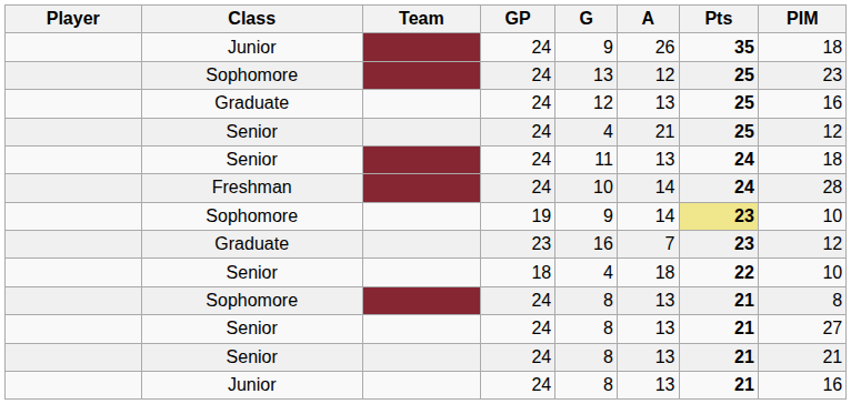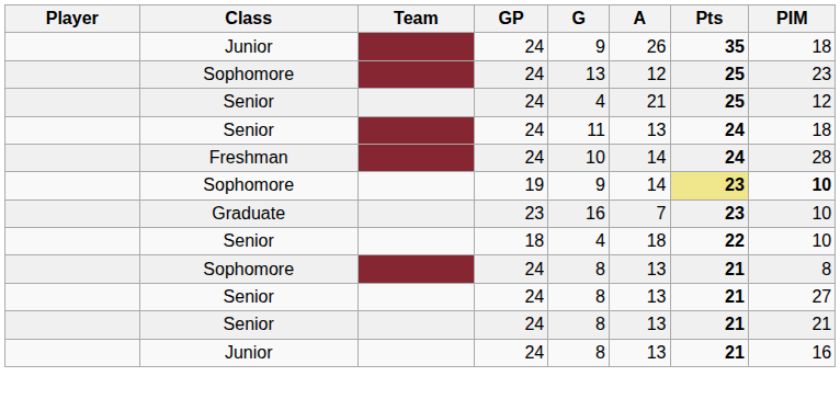 <table class="wikitable sortable" style="text-align: center; "width=60%">
 <tr>
 <th>Player</th>
 <th>Class</th>
 <th>Team</th>
 <th>GP</th>
 <th>G</th>
 <th>A</th>
 <th>Pts</th>
 <th>PIM</th>
 </tr>
 <tr>
 <td style="text-align: left"></td>
 <td>Junior</td>
 <td style="color:white; background:#862633; "><strong><a href='#'></a></strong></td>
 <td style="text-align: right">24</td>
 <td style="text-align: right">9</td>
 <td style="text-align: right">26</td>
 <td style="text-align: right"><strong>35</strong></td>
 <td style="text-align: right">18</td>
 </tr>
 <tr bgcolor=f0f0f0>
 <td style="text-align: left"></td>
 <td>Sophomore</td>
 <td style="color:white; background:#862633; "><strong><a href='#'></a></strong></td>
 <td style="text-align: right">24</td>
 <td style="text-align: right">13</td>
 <td style="text-align: right">12</td>
 <td style="text-align: right"><strong>25</strong></td>
 <td style="text-align: right">23</td>
-</tr>
-<tr>
-<td style="text-align: left"></td>
-<td>Graduate</td>
-<td><strong><a href='#'></a></strong></td>
-<td style="text-align: right">24</td>
-<td style="text-align: right">12</td>
-<td style="text-align: right">13</td>
-<td style="text-align: right"><strong>25</strong></td>
-<td style="text-align: right">16</td>
 </tr>
 <tr bgcolor=f0f0f0>
 <td style="text-align: left"></td>
 <td>Senior</td>
 <td><strong><a href='#'></a></strong></td>
 <td style="text-align: right">24</td>
 <td style="text-align: right">4</td>
 <td style="text-align: right">21</td>
 <td style="text-align: right"><strong>25</strong></td>
 <td style="text-align: right">12</td>
 </tr>
 <tr>
 <td style="text-align: left"></td>
 <td>Senior</td>
 <td style="color:white; background:#862633; "><strong><a href='#'></a></strong></td>
 <td style="text-align: right">24</td>
 <td style="text-align: right">11</td>
 <td style="text-align: right">13</td>
 <td style="text-align: right"><strong>24</strong></td>
 <td style="text-align: right">18</td>
 </tr>
 <tr bgcolor=f0f0f0>
 <td style="text-align: left"></td>
 <td>Freshman</td>
 <td style="color:white; background:#862633; "><strong><a href='#'></a></strong></td>
 <td style="text-align: right">24</td>
 <td style="text-align: right">10</td>
 <td style="text-align: right">14</td>
 <td style="text-align: right"><strong>24</strong></td>
 <td style="text-align: right">28</td>
 </tr>
 <tr>
 <td style="text-align: left"></td>
 <td>Sophomore</td>
 <td><strong><a href='#'></a></strong></td>
 <td style="text-align: right">19</td>
 <td style="text-align: right">9</td>
 <td style="text-align: right">14</td>
 <td style="background: khaki; text-align: right"><strong>23</strong></td>
-<td style="text-align: right">10</td>
+<td style="text-align: right"><strong>10</strong></td>
 </tr>
 <tr bgcolor=f0f0f0>
 <td style="text-align: left"></td>
 <td>Graduate</td>
 <td><strong><a href='#'></a></strong></td>
 <td style="text-align: right">23</td>
 <td style="text-align: right">16</td>
 <td style="text-align: right">7</td>
 <td style="text-align: right"><strong>23</strong></td>
-<td style="text-align: right">12</td>
+<td style="text-align: right">10</td>
 </tr>
 <tr>
 <td style="text-align: left"></td>
 <td>Senior</td>
 <td><strong><a href='#'></a></strong></td>
 <td style="text-align: right">18</td>
 <td style="text-align: right">4</td>
 <td style="text-align: right">18</td>
 <td style="text-align: right"><strong>22</strong></td>
 <td style="text-align: right">10</td>
 </tr>
 <tr bgcolor=f0f0f0>
 <td style="text-align: left"></td>
 <td>Sophomore</td>
 <td style="color:white; background:#862633; "><strong><a href='#'></a></strong></td>
 <td style="text-align: right">24</td>
 <td style="text-align: right">8</td>
 <td style="text-align: right">13</td>
 <td style="text-align: right"><strong>21</strong></td>
 <td style="text-align: right">8</td>
 </tr>
 <tr>
 <td style="text-align: left"></td>
 <td>Senior</td>
 <td><strong><a href='#'></a></strong></td>
 <td style="text-align: right">24</td>
 <td style="text-align: right">8</td>
 <td style="text-align: right">13</td>
 <td style="text-align: right"><strong>21</strong></td>
 <td style="text-align: right">27</td>
 </tr>
 <tr bgcolor=f0f0f0>
 <td style="text-align: left"></td>
 <td>Senior</td>
 <td><strong><a href='#'></a></strong></td>
 <td style="text-align: right">24</td>
 <td style="text-align: right">8</td>
 <td style="text-align: right">13</td>
 <td style="text-align: right"><strong>21</strong></td>
 <td style="text-align: right">21</td>
 </tr>
 <tr>
 <td style="text-align: left"></td>
 <td>Junior</td>
 <td><strong><a href='#'></a></strong></td>
 <td style="text-align: right">24</td>
 <td style="text-align: right">8</td>
 <td style="text-align: right">13</td>
 <td style="text-align: right"><strong>21</strong></td>
 <td style="text-align: right">16</td>
 </tr>
 <tr>
 </tr>
 </table>
